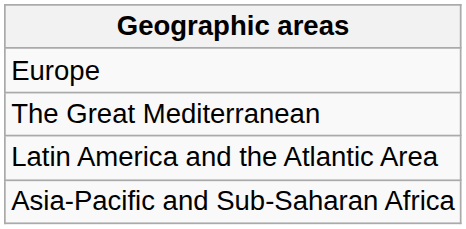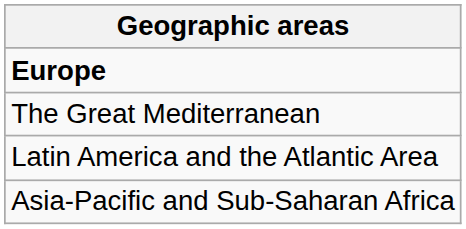 <table class=wikitable>
 <tr>
 <th>Geographic areas</th>
 </tr>
 <tr ----style="background-color:#FFFFFF">
-<td>Europe</td>
+<td><strong>Europe</strong></td>
 </tr>
 <tr ----style="background-color:#FFFFFF">
 <td>The Great Mediterranean</td>
 </tr>
 <tr ----style="background-color:#FFFFFF">
 <td>Latin America and the Atlantic Area</td>
 </tr>
 <tr ----style="background-color:#FFFFFF">
 <td>Asia-Pacific and Sub-Saharan Africa</td>
 </tr>
 </table>
